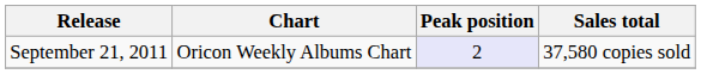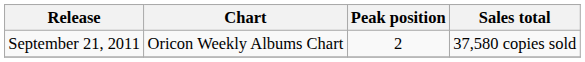 <table class="wikitable">
 <tr>
 <th>Release</th>
 <th>Chart</th>
 <th>Peak position</th>
 <th>Sales total</th>
 </tr>
 <tr>
 <td>September 21, 2011</td>
 <td>Oricon Weekly Albums Chart</td>
-<td align="center" style="background: lavender;">2</td>
+<td align="center">2</td>
 <td>37,580 copies sold</td>
 </tr>
 <tr>
 </tr>
 </table>
